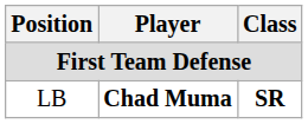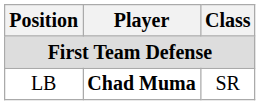 <table class="wikitable" border="0">
 <tr>
 <th>Position</th>
 <th>Player</th>
 <th>Class</th>
 </tr>
 <tr>
 <td colspan="4" style="text-align:center; background:#ddd;"><strong>First Team Defense</strong></td>
 </tr>
 <tr style="text-align:center;">
 <td style="background:white">LB</td>
 <td style="background:white"><strong>Chad Muma</strong></td>
-<td style="background:white"><strong>SR</strong></td>
+<td style="background:white">SR</td>
 </tr>
 </table>
